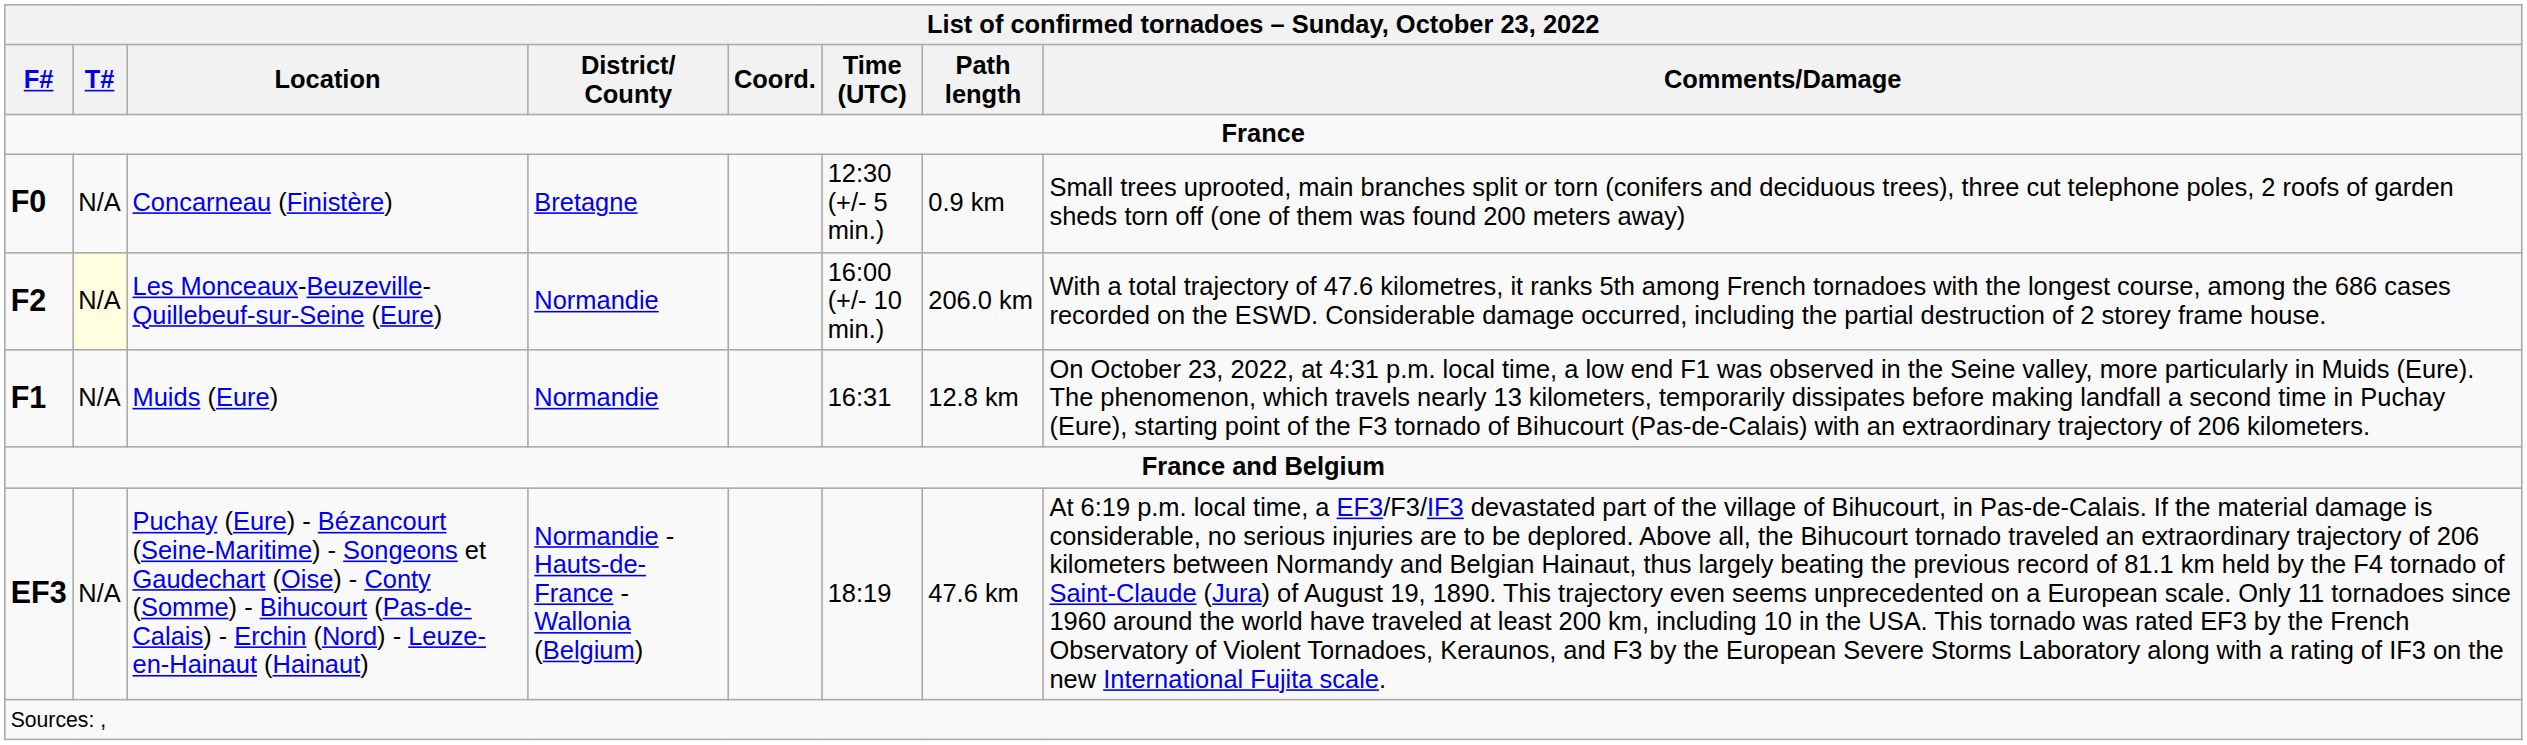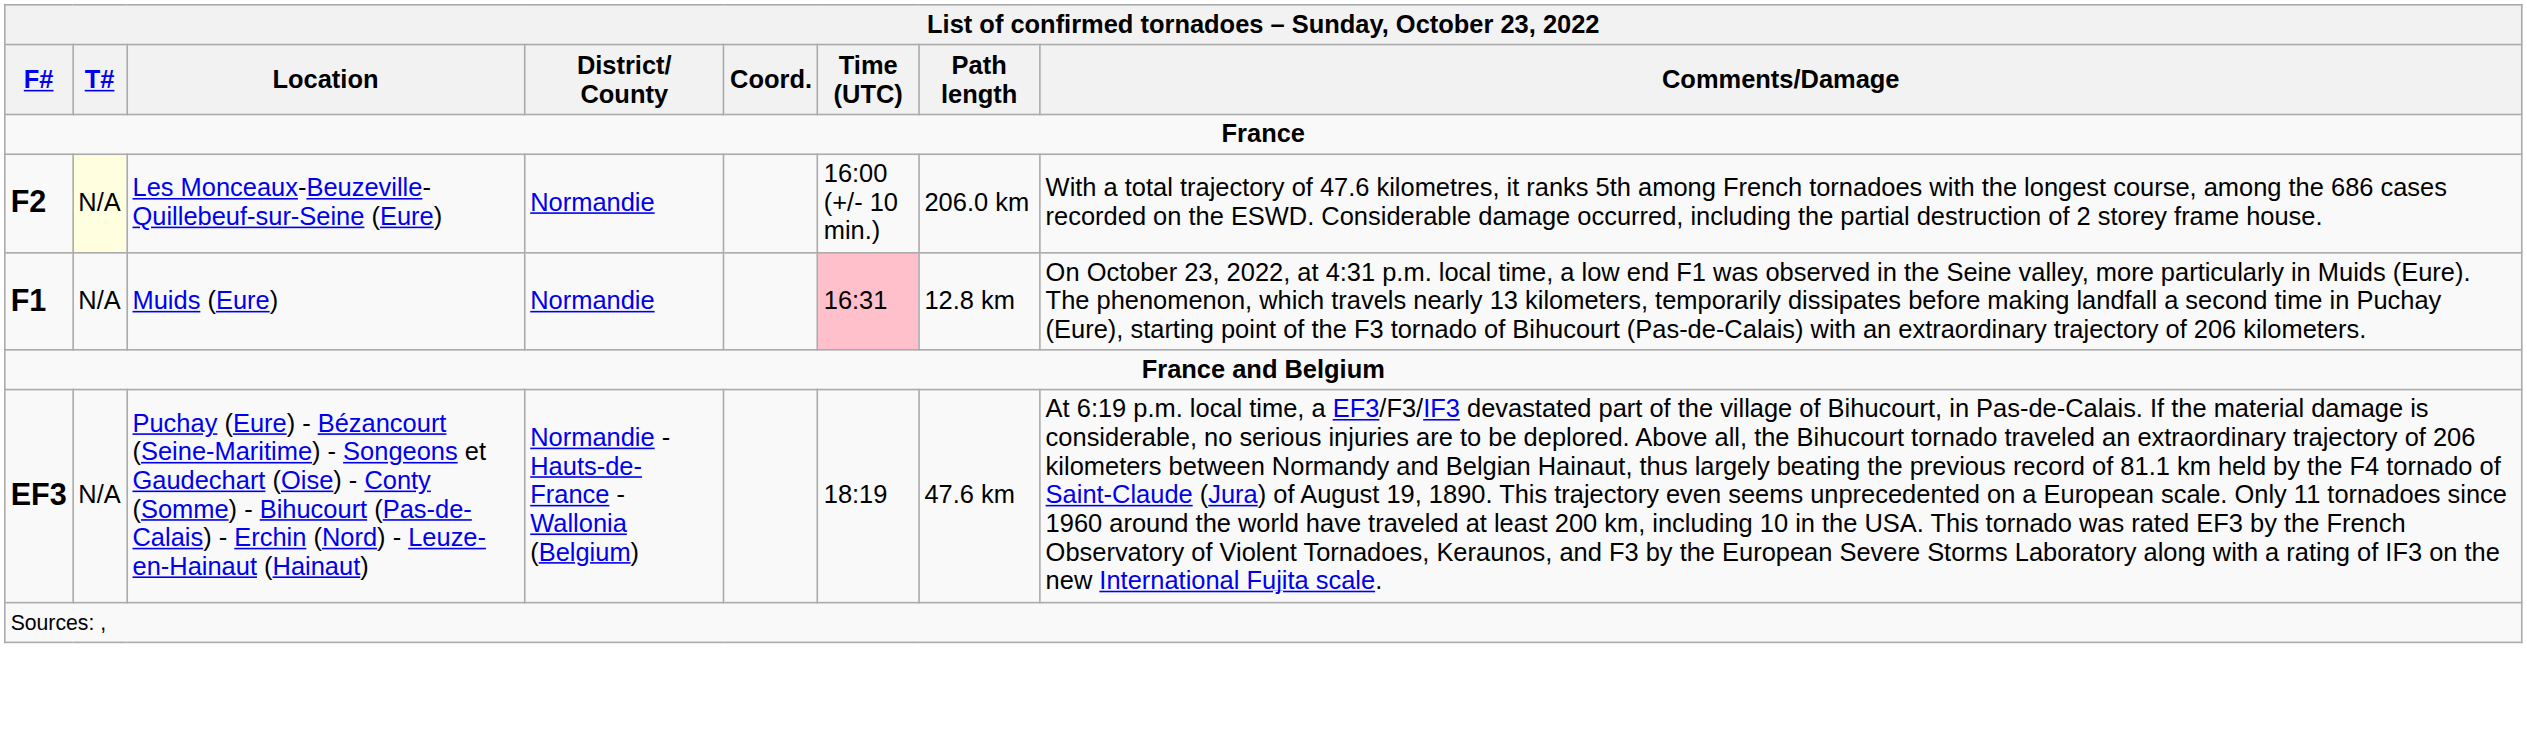 <table class="wikitable collapsible" width="100%">
 <tr>
 <th colspan="8">List of confirmed tornadoes – Sunday, October 23, 2022</th>
 </tr>
 <tr>
 <th><a href='#'>F#</a></th>
 <th><a href='#'>T#</a></th>
 <th>Location</th>
 <th>District/<br>County</th>
 <th>Coord.</th>
 <th>Time (UTC)</th>
 <th>Path length</th>
 <th>Comments/Damage</th>
 </tr>
 <tr>
 <td colspan="8" align=center><strong>France</strong></td>
 </tr>
 <tr>
-<td><big><strong>F0</strong></big></td>
-<td>N/A</td>
-<td><a href='#'>Concarneau</a> (<a href='#'>Finistère</a>)</td>
-<td><a href='#'>Bretagne</a></td>
-<td></td>
-<td>12:30 (+/- 5 min.)</td>
-<td>0.9 km</td>
-<td>Small trees uprooted, main branches split or torn (conifers and deciduous trees), three cut telephone poles, 2 roofs of garden sheds torn off (one of them was found 200 meters away)</td>
-</tr>
-<tr>
 <td><big><strong>F2</strong></big></td>
 <td style="background: lightyellow;">N/A</td>
 <td><a href='#'>Les Monceaux</a>-<a href='#'>Beuzeville</a>-<a href='#'>Quillebeuf-sur-Seine</a> (<a href='#'>Eure</a>)</td>
 <td><a href='#'>Normandie</a></td>
 <td></td>
 <td>16:00 (+/- 10 min.)</td>
 <td>206.0 km</td>
 <td>With a total trajectory of 47.6 kilometres, it ranks 5th among French tornadoes with the longest course, among the 686 cases recorded on the ESWD. Considerable damage occurred, including the partial destruction of 2 storey frame house.</td>
 </tr>
 <tr>
 <td><big><strong>F1</strong></big></td>
 <td>N/A</td>
 <td><a href='#'>Muids</a> (<a href='#'>Eure</a>)</td>
 <td><a href='#'>Normandie</a></td>
 <td></td>
-<td>16:31</td>
+<td style="background: pink;">16:31</td>
 <td>12.8 km</td>
 <td>On October 23, 2022, at 4:31 p.m. local time, a low end F1 was observed in the Seine valley, more particularly in Muids (Eure). The phenomenon, which travels nearly 13 kilometers, temporarily dissipates before making landfall a second time in Puchay (Eure), starting point of the F3 tornado of Bihucourt (Pas-de-Calais) with an extraordinary trajectory of 206 kilometers.</td>
 </tr>
 <tr>
 <td colspan="8" align=center><strong>France and Belgium</strong></td>
 </tr>
 <tr>
 <td><big><strong>EF3</strong></big></td>
 <td>N/A</td>
 <td><a href='#'>Puchay</a> (<a href='#'>Eure</a>) - <a href='#'>Bézancourt</a> (<a href='#'>Seine-Maritime</a>) - <a href='#'>Songeons</a> et <a href='#'>Gaudechart</a> (<a href='#'>Oise</a>) - <a href='#'>Conty</a> (<a href='#'>Somme</a>) - <a href='#'>Bihucourt</a> (<a href='#'>Pas-de-Calais</a>) - <a href='#'>Erchin</a> (<a href='#'>Nord</a>) - <a href='#'>Leuze-en-Hainaut</a> (<a href='#'>Hainaut</a>)</td>
 <td><a href='#'>Normandie</a> - <a href='#'>Hauts-de-France</a> - <a href='#'>Wallonia</a> (<a href='#'>Belgium</a>)</td>
 <td></td>
 <td>18:19</td>
 <td>47.6 km</td>
 <td>At 6:19 p.m. local time, a <a href='#'>EF3</a>/F3/<a href='#'>IF3</a> devastated part of the village of Bihucourt, in Pas-de-Calais. If the material damage is considerable, no serious injuries are to be deplored. Above all, the Bihucourt tornado traveled an extraordinary trajectory of 206 kilometers between Normandy and Belgian Hainaut, thus largely beating the previous record of 81.1 km held by the F4 tornado of <a href='#'>Saint-Claude</a> (<a href='#'>Jura</a>) of August 19, 1890. This trajectory even seems unprecedented on a European scale. Only 11 tornadoes since 1960 around the world have traveled at least 200 km, including 10 in the USA. This tornado was rated EF3 by the French Observatory of Violent Tornadoes, Keraunos, and F3 by the European Severe Storms Laboratory along with a rating of IF3 on the new <a href='#'>International Fujita scale</a>.</td>
 </tr>
 <tr>
 <td colspan="8"><small>Sources: ,  </small></td>
 </tr>
 </table>
